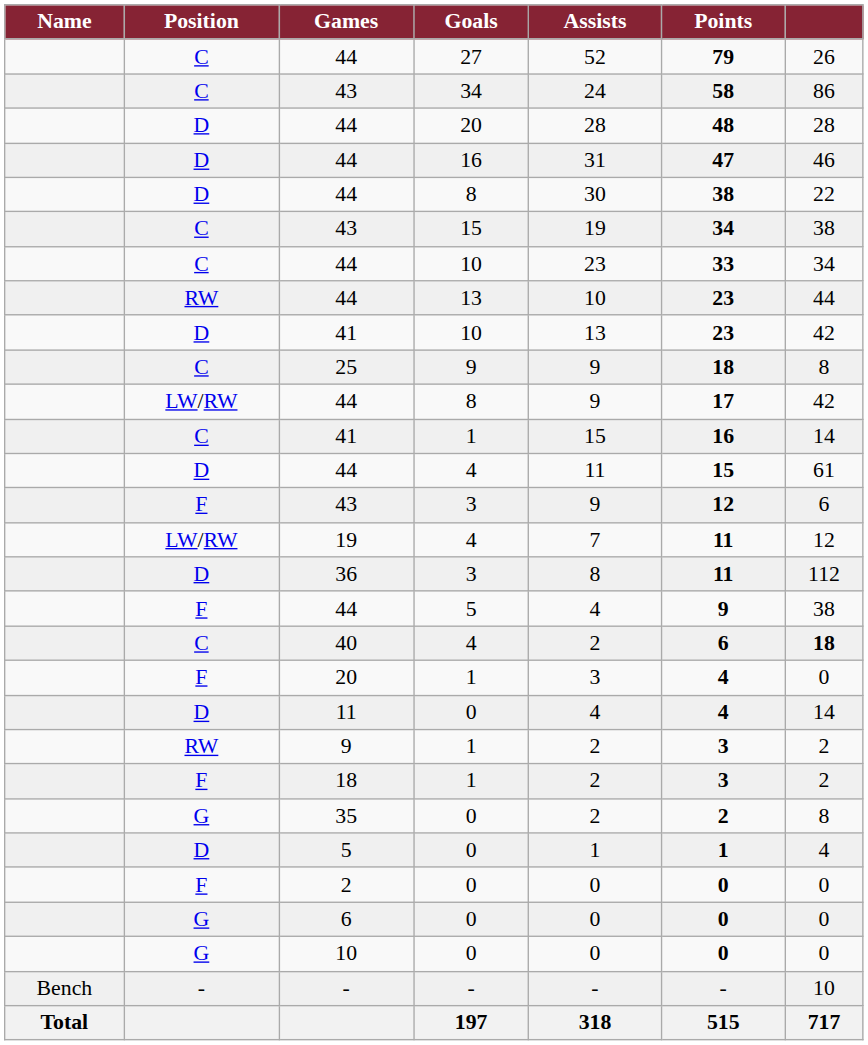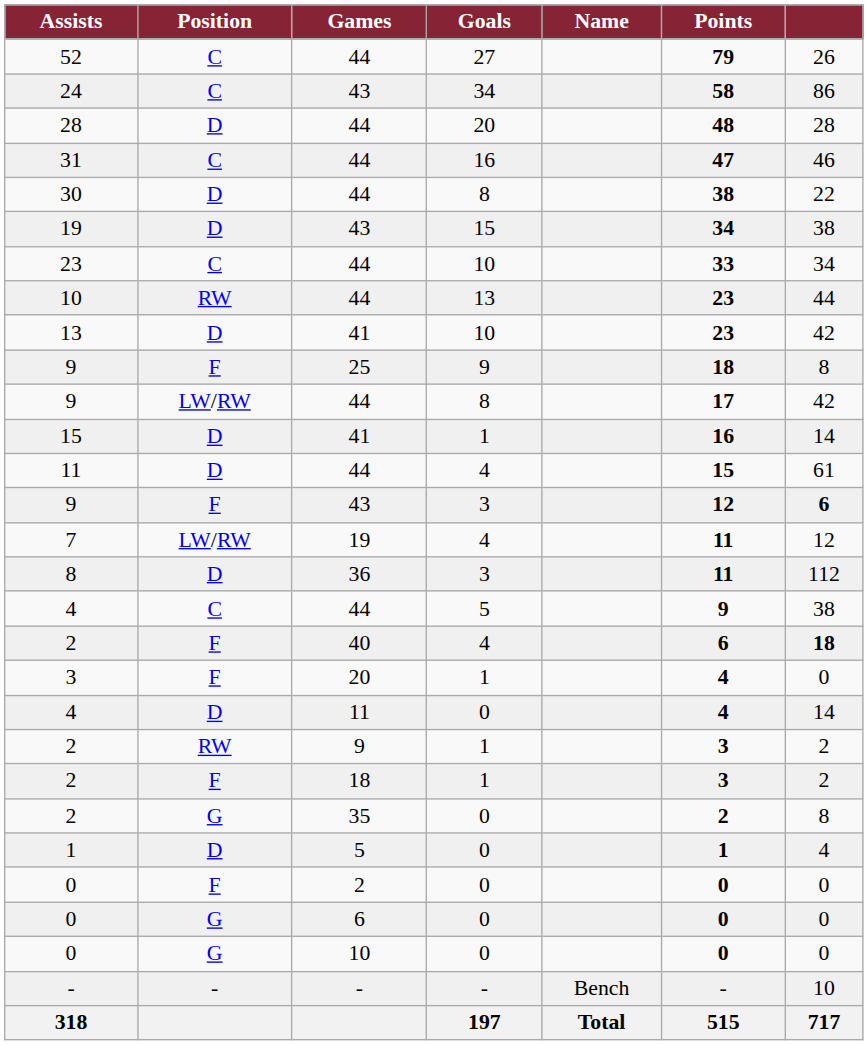 <table class="wikitable sortable" width ="50%">
 <tr align="center">
-<th style="color:white; background:#862334; ">Name</th>
+<th style="color:white; background:#862334; ">Assists</th>
 <th style="color:white; background:#862334; ">Position</th>
 <th style="color:white; background:#862334; ">Games</th>
 <th style="color:white; background:#862334; ">Goals</th>
-<th style="color:white; background:#862334; ">Assists</th>
+<th style="color:white; background:#862334; ">Name</th>
 <th style="color:white; background:#862334; ">Points</th>
 <th style="color:white; background:#862334; "><a href='#'></a></th>
 </tr>
 <tr align="center" bgcolor="">
-<td></td>
+<td>52</td>
 <td><a href='#'>C</a></td>
 <td>44</td>
 <td>27</td>
-<td>52</td>
+<td></td>
 <td><strong>79</strong></td>
 <td>26</td>
 </tr>
 <tr align="center" bgcolor="f0f0f0">
-<td></td>
+<td>24</td>
 <td><a href='#'>C</a></td>
 <td>43</td>
 <td>34</td>
-<td>24</td>
+<td></td>
 <td><strong>58</strong></td>
 <td>86</td>
 </tr>
 <tr align="center" bgcolor="">
-<td></td>
+<td>28</td>
 <td><a href='#'>D</a></td>
 <td>44</td>
 <td>20</td>
-<td>28</td>
+<td></td>
 <td><strong>48</strong></td>
 <td>28</td>
 </tr>
 <tr align="center" bgcolor="f0f0f0">
-<td></td>
-<td><a href='#'>D</a></td>
+<td>31</td>
+<td><a href='#'>C</a></td>
 <td>44</td>
 <td>16</td>
-<td>31</td>
+<td></td>
 <td><strong>47</strong></td>
 <td>46</td>
 </tr>
 <tr align="center" bgcolor="">
-<td></td>
+<td>30</td>
 <td><a href='#'>D</a></td>
 <td>44</td>
 <td>8</td>
-<td>30</td>
+<td></td>
 <td><strong>38</strong></td>
 <td>22</td>
 </tr>
 <tr align="center" bgcolor="f0f0f0">
-<td></td>
-<td><a href='#'>C</a></td>
+<td>19</td>
+<td><a href='#'>D</a></td>
 <td>43</td>
 <td>15</td>
-<td>19</td>
+<td></td>
 <td><strong>34</strong></td>
 <td>38</td>
 </tr>
 <tr align="center" bgcolor="">
-<td></td>
+<td>23</td>
 <td><a href='#'>C</a></td>
 <td>44</td>
 <td>10</td>
-<td>23</td>
+<td></td>
 <td><strong>33</strong></td>
 <td>34</td>
 </tr>
 <tr align="center" bgcolor="f0f0f0">
-<td></td>
+<td>10</td>
 <td><a href='#'>RW</a></td>
 <td>44</td>
 <td>13</td>
-<td>10</td>
+<td></td>
 <td><strong>23</strong></td>
 <td>44</td>
 </tr>
 <tr align="center" bgcolor="">
-<td></td>
+<td>13</td>
 <td><a href='#'>D</a></td>
 <td>41</td>
 <td>10</td>
-<td>13</td>
+<td></td>
 <td><strong>23</strong></td>
 <td>42</td>
 </tr>
 <tr align="center" bgcolor="f0f0f0">
-<td></td>
-<td><a href='#'>C</a></td>
+<td>9</td>
+<td><a href='#'>F</a></td>
 <td>25</td>
 <td>9</td>
-<td>9</td>
+<td></td>
 <td><strong>18</strong></td>
 <td>8</td>
 </tr>
 <tr align="center" bgcolor="">
-<td></td>
+<td>9</td>
 <td><a href='#'>LW</a>/<a href='#'>RW</a></td>
 <td>44</td>
 <td>8</td>
-<td>9</td>
+<td></td>
 <td><strong>17</strong></td>
 <td>42</td>
 </tr>
 <tr align="center" bgcolor="f0f0f0">
-<td></td>
-<td><a href='#'>C</a></td>
+<td>15</td>
+<td><a href='#'>D</a></td>
 <td>41</td>
 <td>1</td>
-<td>15</td>
+<td></td>
 <td><strong>16</strong></td>
 <td>14</td>
 </tr>
 <tr align="center" bgcolor="">
-<td></td>
+<td>11</td>
 <td><a href='#'>D</a></td>
 <td>44</td>
 <td>4</td>
-<td>11</td>
+<td></td>
 <td><strong>15</strong></td>
 <td>61</td>
 </tr>
 <tr align="center" bgcolor="f0f0f0">
-<td></td>
+<td>9</td>
 <td><a href='#'>F</a></td>
 <td>43</td>
 <td>3</td>
-<td>9</td>
+<td></td>
 <td><strong>12</strong></td>
-<td>6</td>
+<td><strong>6</strong></td>
 </tr>
 <tr align="center" bgcolor="">
-<td></td>
+<td>7</td>
 <td><a href='#'>LW</a>/<a href='#'>RW</a></td>
 <td>19</td>
 <td>4</td>
-<td>7</td>
+<td></td>
 <td><strong>11</strong></td>
 <td>12</td>
 </tr>
 <tr align="center" bgcolor="f0f0f0">
-<td></td>
+<td>8</td>
 <td><a href='#'>D</a></td>
 <td>36</td>
 <td>3</td>
-<td>8</td>
+<td></td>
 <td><strong>11</strong></td>
 <td>112</td>
 </tr>
 <tr align="center" bgcolor="">
-<td></td>
-<td><a href='#'>F</a></td>
+<td>4</td>
+<td><a href='#'>C</a></td>
 <td>44</td>
 <td>5</td>
-<td>4</td>
+<td></td>
 <td><strong>9</strong></td>
 <td>38</td>
 </tr>
 <tr align="center" bgcolor="f0f0f0">
-<td></td>
-<td><a href='#'>C</a></td>
+<td>2</td>
+<td><a href='#'>F</a></td>
 <td>40</td>
 <td>4</td>
-<td>2</td>
+<td></td>
 <td><strong>6</strong></td>
 <td><strong>18</strong></td>
 </tr>
 <tr align="center" bgcolor="">
-<td></td>
+<td>3</td>
 <td><a href='#'>F</a></td>
 <td>20</td>
 <td>1</td>
-<td>3</td>
+<td></td>
 <td><strong>4</strong></td>
 <td>0</td>
 </tr>
 <tr align="center" bgcolor="f0f0f0">
-<td></td>
+<td>4</td>
 <td><a href='#'>D</a></td>
 <td>11</td>
 <td>0</td>
-<td>4</td>
+<td></td>
 <td><strong>4</strong></td>
 <td>14</td>
 </tr>
 <tr align="center" bgcolor="">
-<td></td>
+<td>2</td>
 <td><a href='#'>RW</a></td>
 <td>9</td>
 <td>1</td>
-<td>2</td>
+<td></td>
 <td><strong>3</strong></td>
 <td>2</td>
 </tr>
 <tr align="center" bgcolor="f0f0f0">
-<td></td>
+<td>2</td>
 <td><a href='#'>F</a></td>
 <td>18</td>
 <td>1</td>
-<td>2</td>
+<td></td>
 <td><strong>3</strong></td>
 <td>2</td>
 </tr>
 <tr align="center" bgcolor="">
-<td></td>
+<td>2</td>
 <td><a href='#'>G</a></td>
 <td>35</td>
 <td>0</td>
-<td>2</td>
+<td></td>
 <td><strong>2</strong></td>
 <td>8</td>
 </tr>
 <tr align="center" bgcolor="f0f0f0">
-<td></td>
+<td>1</td>
 <td><a href='#'>D</a></td>
 <td>5</td>
 <td>0</td>
-<td>1</td>
+<td></td>
 <td><strong>1</strong></td>
 <td>4</td>
 </tr>
 <tr align="center" bgcolor="">
-<td></td>
+<td>0</td>
 <td><a href='#'>F</a></td>
 <td>2</td>
 <td>0</td>
-<td>0</td>
+<td></td>
 <td><strong>0</strong></td>
 <td>0</td>
 </tr>
 <tr align="center" bgcolor="f0f0f0">
-<td></td>
+<td>0</td>
 <td><a href='#'>G</a></td>
 <td>6</td>
 <td>0</td>
-<td>0</td>
+<td></td>
 <td><strong>0</strong></td>
 <td>0</td>
 </tr>
 <tr align="center" bgcolor="">
-<td></td>
+<td>0</td>
 <td><a href='#'>G</a></td>
 <td>10</td>
 <td>0</td>
-<td>0</td>
+<td></td>
 <td><strong>0</strong></td>
 <td>0</td>
 </tr>
 <tr align="center" bgcolor="f0f0f0">
-<td>Bench</td>
 <td>-</td>
 <td>-</td>
 <td>-</td>
 <td>-</td>
+<td>Bench</td>
 <td>-</td>
 <td>10</td>
 </tr>
 <tr>
-<th>Total</th>
+<th>318</th>
 <th></th>
 <th></th>
 <th>197</th>
-<th>318</th>
+<th>Total</th>
 <th>515</th>
 <th>717</th>
 </tr>
 </table>
